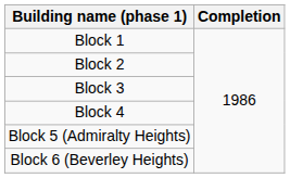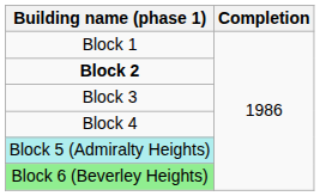 <table class="wikitable" style="text-align: center">
 <tr>
 <th>Building name (phase 1)</th>
 <th>Completion</th>
 </tr>
 <tr>
 <td>Block 1</td>
 <td rowspan="6">1986</td>
 </tr>
 <tr>
-<td>Block 2</td>
+<td><strong>Block 2</strong></td>
 </tr>
 <tr>
 <td>Block 3</td>
 </tr>
 <tr>
 <td>Block 4</td>
 </tr>
 <tr>
-<td>Block 5 (Admiralty Heights)</td>
+<td style="background: paleturquoise;">Block 5 (Admiralty Heights)</td>
 </tr>
 <tr>
-<td>Block 6 (Beverley Heights)</td>
+<td style="background: lightgreen;">Block 6 (Beverley Heights)</td>
 </tr>
 </table>
